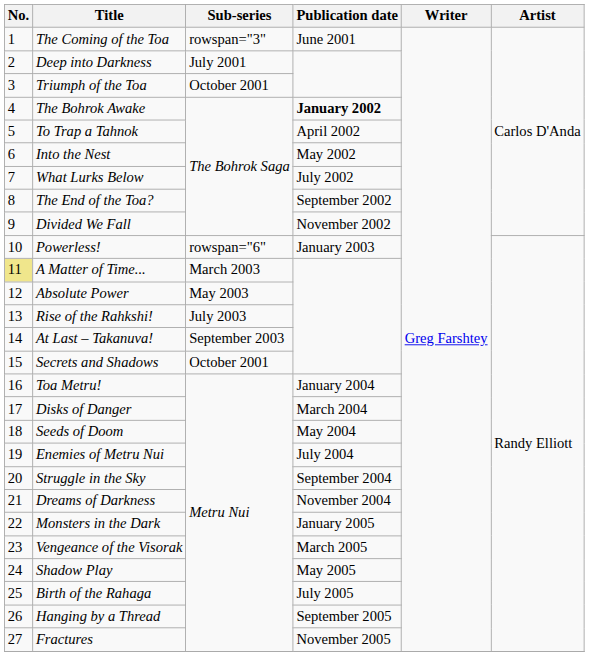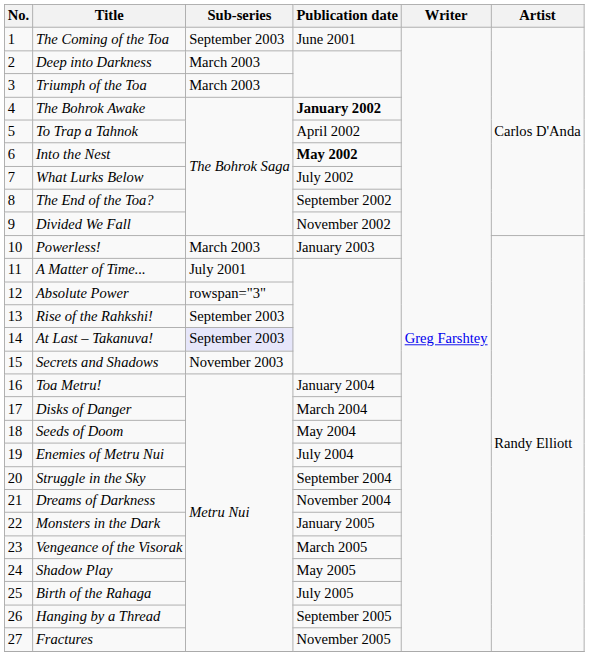 <table class="wikitable">
 <tr>
 <th>No.</th>
 <th>Title</th>
 <th>Sub-series</th>
 <th>Publication date</th>
 <th>Writer</th>
 <th>Artist</th>
 </tr>
 <tr>
 <td>1</td>
 <td><em>The Coming of the Toa</em></td>
-<td>rowspan="3"</td>
+<td>September 2003</td>
 <td>June 2001</td>
 <td rowspan="27"><a href='#'>Greg Farshtey</a></td>
 <td rowspan="9">Carlos D'Anda</td>
 </tr>
 <tr>
 <td>2</td>
 <td><em>Deep into Darkness</em></td>
-<td>July 2001</td>
+<td>March 2003</td>
 </tr>
 <tr>
 <td>3</td>
 <td><em>Triumph of the Toa</em></td>
-<td>October 2001</td>
+<td>March 2003</td>
 </tr>
 <tr>
 <td>4</td>
 <td><em>The Bohrok Awake</em></td>
 <td rowspan="6"><em>The Bohrok Saga</em></td>
 <td><strong>January 2002</strong></td>
 </tr>
 <tr>
 <td>5</td>
 <td><em>To Trap a Tahnok</em></td>
 <td>April 2002</td>
 </tr>
 <tr>
 <td>6</td>
 <td><em>Into the Nest</em></td>
-<td>May 2002</td>
+<td><strong>May 2002</strong></td>
 </tr>
 <tr>
 <td>7</td>
 <td><em>What Lurks Below</em></td>
 <td>July 2002</td>
 </tr>
 <tr>
 <td>8</td>
 <td><em>The End of the Toa?</em></td>
 <td>September 2002</td>
 </tr>
 <tr>
 <td>9</td>
 <td><em>Divided We Fall</em></td>
 <td>November 2002</td>
 </tr>
 <tr>
 <td>10</td>
 <td><em>Powerless!</em></td>
-<td>rowspan="6"</td>
+<td>March 2003</td>
 <td>January 2003</td>
 <td rowspan="18">Randy Elliott</td>
 </tr>
 <tr>
-<td style="background: khaki;">11</td>
+<td>11</td>
 <td><em>A Matter of Time...</em></td>
-<td>March 2003</td>
+<td>July 2001</td>
 </tr>
 <tr>
 <td>12</td>
 <td><em>Absolute Power</em></td>
-<td>May 2003</td>
+<td>rowspan="3"</td>
 </tr>
 <tr>
 <td>13</td>
 <td><em>Rise of the Rahkshi!</em></td>
-<td>July 2003</td>
+<td>September 2003</td>
 </tr>
 <tr>
 <td>14</td>
 <td><em>At Last – Takanuva!</em></td>
-<td>September 2003</td>
+<td style="background: lavender;">September 2003</td>
 </tr>
 <tr>
 <td>15</td>
 <td><em>Secrets and Shadows</em></td>
-<td>October 2001</td>
+<td>November 2003</td>
 </tr>
 <tr>
 <td>16</td>
 <td><em>Toa Metru!</em></td>
 <td rowspan="12"><em>Metru Nui</em></td>
 <td>January 2004</td>
 </tr>
 <tr>
 <td>17</td>
 <td><em>Disks of Danger</em></td>
 <td>March 2004</td>
 </tr>
 <tr>
 <td>18</td>
 <td><em>Seeds of Doom</em></td>
 <td>May 2004</td>
 </tr>
 <tr>
 <td>19</td>
 <td><em>Enemies of Metru Nui</em></td>
 <td>July 2004</td>
 </tr>
 <tr>
 <td>20</td>
 <td><em>Struggle in the Sky</em></td>
 <td>September 2004</td>
 </tr>
 <tr>
 <td>21</td>
 <td><em>Dreams of Darkness</em></td>
 <td>November 2004</td>
 </tr>
 <tr>
 <td>22</td>
 <td><em>Monsters in the Dark</em></td>
 <td>January 2005</td>
 </tr>
 <tr>
 <td>23</td>
 <td><em>Vengeance of the Visorak</em></td>
 <td>March 2005</td>
 </tr>
 <tr>
 <td>24</td>
 <td><em>Shadow Play</em></td>
 <td>May 2005</td>
 </tr>
 <tr>
 <td>25</td>
 <td><em>Birth of the Rahaga</em></td>
 <td>July 2005</td>
 </tr>
 <tr>
 <td>26</td>
 <td><em>Hanging by a Thread</em></td>
 <td>September 2005</td>
 </tr>
 <tr>
 <td>27</td>
 <td><em>Fractures</em></td>
 <td>November 2005</td>
 </tr>
 <tr>
 </tr>
 </table>
